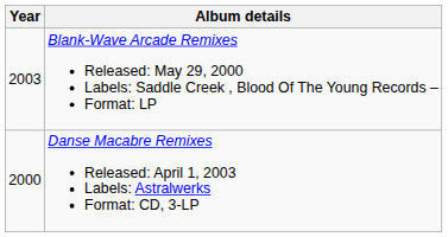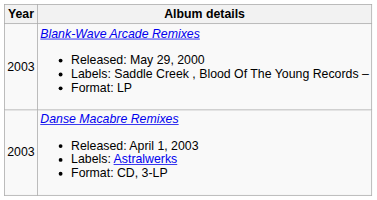 <table class="wikitable">
 <tr>
 <th>Year</th>
 <th>Album details</th>
 </tr>
 <tr>
 <td>2003</td>
 <td><em><a href='#'>Blank-Wave Arcade Remixes</a></em><br><ul><li>Released: May 29, 2000</li><li>Labels: Saddle Creek , Blood Of The Young Records – </li><li>Format: LP</li></ul></td>
 </tr>
 <tr>
-<td>2000</td>
+<td>2003</td>
 <td><em><a href='#'>Danse Macabre Remixes</a></em><br><ul><li>Released: April 1, 2003</li><li>Labels: <a href='#'>Astralwerks</a> </li><li>Format: CD, 3-LP</li></ul></td>
 </tr>
 </table>
